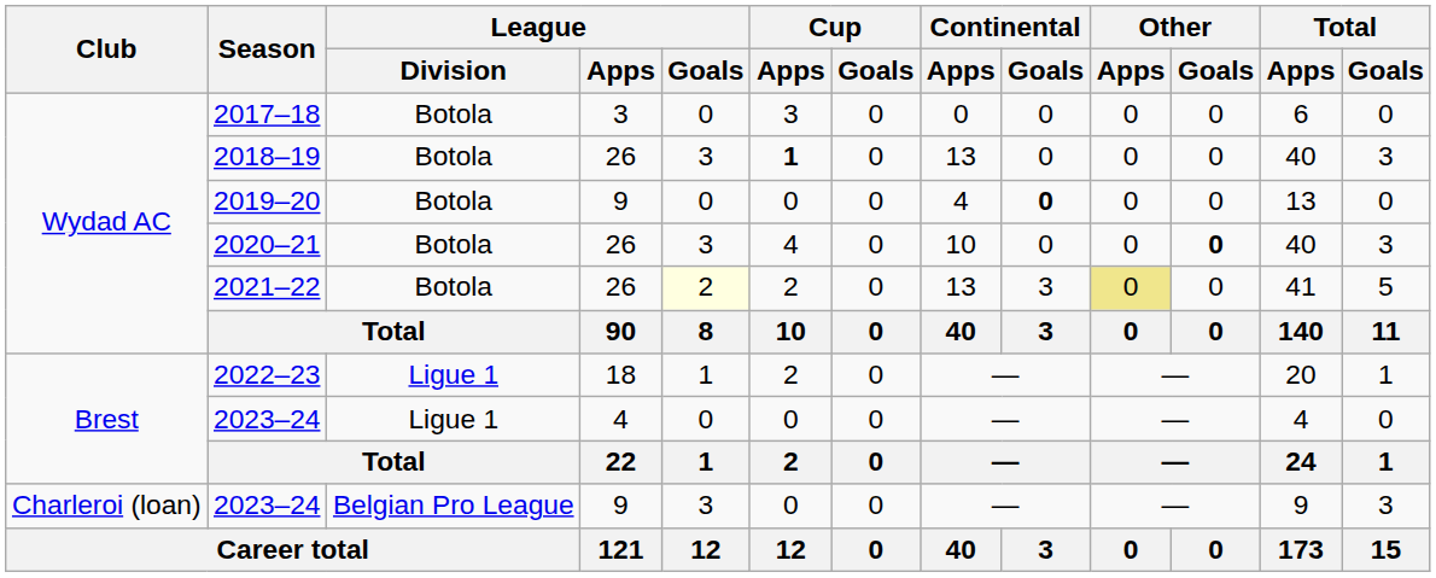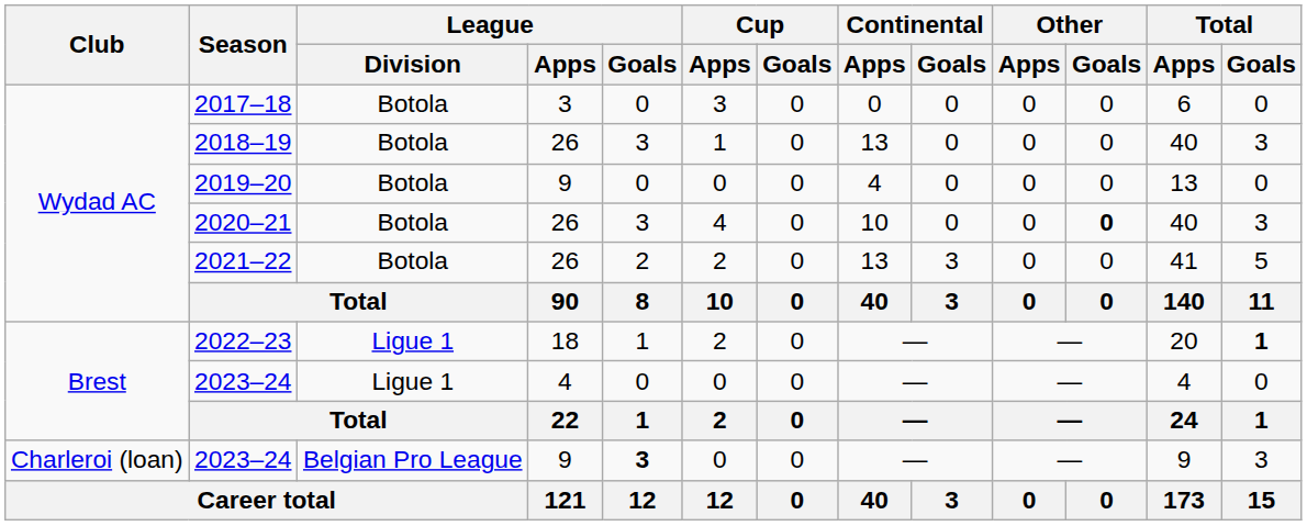 <table class="wikitable" style="text-align: center">
 <tr>
 <th rowspan="2">Club</th>
 <th rowspan="2">Season</th>
 <th colspan="3">League</th>
 <th colspan="2">Cup</th>
 <th colspan="2">Continental</th>
 <th colspan="2">Other</th>
 <th colspan="2">Total</th>
 </tr>
 <tr>
 <th>Division</th>
 <th>Apps</th>
 <th>Goals</th>
 <th>Apps</th>
 <th>Goals</th>
 <th>Apps</th>
 <th>Goals</th>
 <th>Apps</th>
 <th>Goals</th>
 <th>Apps</th>
 <th>Goals</th>
 </tr>
 <tr>
 <td rowspan="6"><a href='#'>Wydad AC</a></td>
 <td><a href='#'>2017–18</a></td>
 <td>Botola</td>
 <td>3</td>
 <td>0</td>
 <td>3</td>
 <td>0</td>
 <td>0</td>
 <td>0</td>
 <td>0</td>
 <td>0</td>
 <td>6</td>
 <td>0</td>
 </tr>
 <tr>
 <td><a href='#'>2018–19</a></td>
 <td>Botola</td>
 <td>26</td>
 <td>3</td>
-<td><strong>1</strong></td>
+<td>1</td>
 <td>0</td>
 <td>13</td>
 <td>0</td>
 <td>0</td>
 <td>0</td>
 <td>40</td>
 <td>3</td>
 </tr>
 <tr>
 <td><a href='#'>2019–20</a></td>
 <td>Botola</td>
 <td>9</td>
 <td>0</td>
 <td>0</td>
 <td>0</td>
 <td>4</td>
-<td><strong>0</strong></td>
+<td>0</td>
 <td>0</td>
 <td>0</td>
 <td>13</td>
 <td>0</td>
 </tr>
 <tr>
 <td><a href='#'>2020–21</a></td>
 <td>Botola</td>
 <td>26</td>
 <td>3</td>
 <td>4</td>
 <td>0</td>
 <td>10</td>
 <td>0</td>
 <td>0</td>
 <td><strong>0</strong></td>
 <td>40</td>
 <td>3</td>
 </tr>
 <tr>
 <td><a href='#'>2021–22</a></td>
 <td>Botola</td>
 <td>26</td>
-<td style="background: lightyellow;">2</td>
+<td>2</td>
 <td>2</td>
 <td>0</td>
 <td>13</td>
 <td>3</td>
-<td style="background: khaki;">0</td>
+<td>0</td>
 <td>0</td>
 <td>41</td>
 <td>5</td>
 </tr>
 <tr>
 <th colspan="2">Total</th>
 <th>90</th>
 <th>8</th>
 <th>10</th>
 <th>0</th>
 <th>40</th>
 <th>3</th>
 <th>0</th>
 <th>0</th>
 <th>140</th>
 <th>11</th>
 </tr>
 <tr>
 <td rowspan="3"><a href='#'>Brest</a></td>
 <td><a href='#'>2022–23</a></td>
 <td><a href='#'>Ligue 1</a></td>
 <td>18</td>
 <td>1</td>
 <td>2</td>
 <td>0</td>
 <td colspan="2">—</td>
 <td colspan="2">—</td>
 <td>20</td>
-<td>1</td>
+<td><strong>1</strong></td>
 </tr>
 <tr>
 <td><a href='#'>2023–24</a></td>
 <td>Ligue 1</td>
 <td>4</td>
 <td>0</td>
 <td>0</td>
 <td>0</td>
 <td colspan="2">—</td>
 <td colspan="2">—</td>
 <td>4</td>
 <td>0</td>
 </tr>
 <tr>
 <th colspan="2">Total</th>
 <th>22</th>
 <th>1</th>
 <th>2</th>
 <th>0</th>
 <th colspan="2">—</th>
 <th colspan="2">—</th>
 <th>24</th>
 <th>1</th>
 </tr>
 <tr>
 <td><a href='#'>Charleroi</a> (loan)</td>
 <td><a href='#'>2023–24</a></td>
 <td><a href='#'>Belgian Pro League</a></td>
 <td>9</td>
-<td>3</td>
+<td><strong>3</strong></td>
 <td>0</td>
 <td>0</td>
 <td colspan="2">—</td>
 <td colspan="2">—</td>
 <td>9</td>
 <td>3</td>
 </tr>
 <tr>
 <th colspan="3">Career total</th>
 <th>121</th>
 <th>12</th>
 <th>12</th>
 <th>0</th>
 <th>40</th>
 <th>3</th>
 <th>0</th>
 <th>0</th>
 <th>173</th>
 <th>15</th>
 </tr>
 </table>
